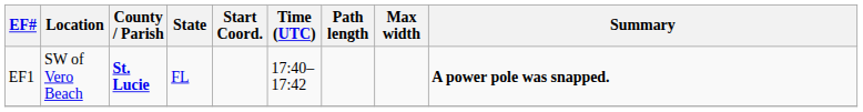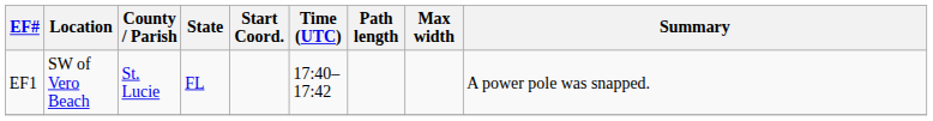 <table class="wikitable sortable" style="width:100%;">
 <tr>
 <th scope="col" style="width:3%; text-align:center;"><a href='#'>EF#</a></th>
 <th scope="col" style="width:7%; text-align:center;" class="unsortable">Location</th>
 <th scope="col" style="width:6%; text-align:center;" class="unsortable">County / Parish</th>
 <th scope="col" style="width:5%; text-align:center;">State</th>
 <th scope="col" style="width:6%; text-align:center;">Start Coord.</th>
 <th scope="col" style="width:6%; text-align:center;">Time (<a href='#'>UTC</a>)</th>
 <th scope="col" style="width:6%; text-align:center;">Path length</th>
 <th scope="col" style="width:6%; text-align:center;">Max width</th>
 <th scope="col" class="unsortable" style="width:48%; text-align:center;">Summary</th>
 </tr>
 <tr>
 <td>EF1</td>
 <td>SW of <a href='#'>Vero Beach</a></td>
-<td><strong><a href='#'>St. Lucie</a></strong></td>
+<td><a href='#'>St. Lucie</a></td>
 <td><a href='#'>FL</a></td>
 <td></td>
 <td>17:40–17:42</td>
 <td></td>
 <td></td>
-<td><strong>A power pole was snapped.</strong></td>
+<td>A power pole was snapped.</td>
 </tr>
 <tr>
 </tr>
 </table>
